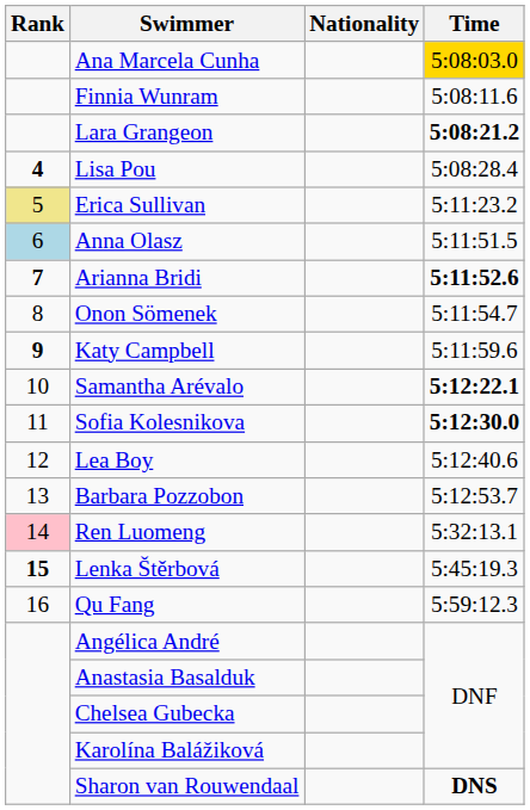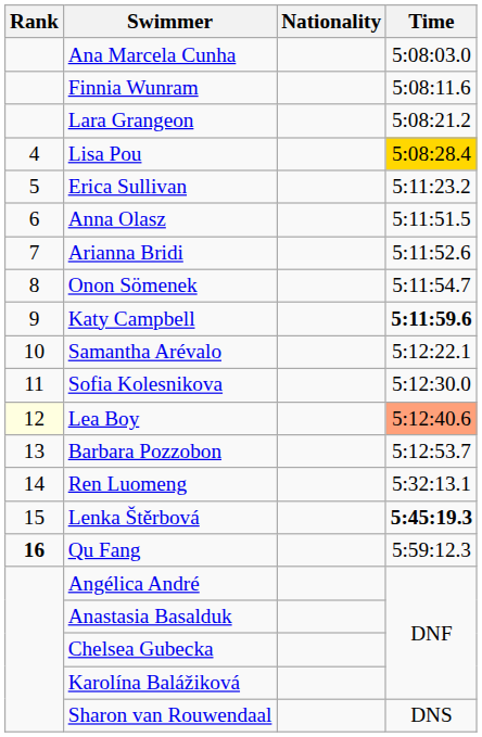 <table class="wikitable sortable" border="1" style="text-align:center">
 <tr>
 <th>Rank</th>
 <th>Swimmer</th>
 <th>Nationality</th>
 <th>Time</th>
 </tr>
 <tr>
 <td></td>
 <td align=left><a href='#'>Ana Marcela Cunha</a></td>
 <td align=left></td>
-<td style="background: gold;">5:08:03.0</td>
+<td>5:08:03.0</td>
 </tr>
 <tr>
 <td></td>
 <td align=left><a href='#'>Finnia Wunram</a></td>
 <td align=left></td>
 <td>5:08:11.6</td>
 </tr>
 <tr>
 <td></td>
 <td align=left><a href='#'>Lara Grangeon</a></td>
 <td align=left></td>
-<td><strong>5:08:21.2</strong></td>
+<td>5:08:21.2</td>
 </tr>
 <tr>
-<td><strong>4</strong></td>
+<td>4</td>
 <td align=left><a href='#'>Lisa Pou</a></td>
 <td align=left></td>
-<td>5:08:28.4</td>
+<td style="background: gold;">5:08:28.4</td>
 </tr>
 <tr>
-<td style="background: khaki;">5</td>
+<td>5</td>
 <td align=left><a href='#'>Erica Sullivan</a></td>
 <td align=left></td>
 <td>5:11:23.2</td>
 </tr>
 <tr>
-<td style="background: lightblue;">6</td>
+<td>6</td>
 <td align=left><a href='#'>Anna Olasz</a></td>
 <td align=left></td>
 <td>5:11:51.5</td>
 </tr>
 <tr>
-<td><strong>7</strong></td>
+<td>7</td>
 <td align=left><a href='#'>Arianna Bridi</a></td>
 <td align=left></td>
-<td><strong>5:11:52.6</strong></td>
+<td>5:11:52.6</td>
 </tr>
 <tr>
 <td>8</td>
 <td align=left><a href='#'>Onon Sömenek</a></td>
 <td align=left></td>
 <td>5:11:54.7</td>
 </tr>
 <tr>
-<td><strong>9</strong></td>
+<td>9</td>
 <td align=left><a href='#'>Katy Campbell</a></td>
 <td align=left></td>
-<td>5:11:59.6</td>
+<td><strong>5:11:59.6</strong></td>
 </tr>
 <tr>
 <td>10</td>
 <td align=left><a href='#'>Samantha Arévalo</a></td>
 <td align=left></td>
-<td><strong>5:12:22.1</strong></td>
+<td>5:12:22.1</td>
 </tr>
 <tr>
 <td>11</td>
 <td align=left><a href='#'>Sofia Kolesnikova</a></td>
 <td align=left></td>
-<td><strong>5:12:30.0</strong></td>
+<td>5:12:30.0</td>
 </tr>
 <tr>
-<td>12</td>
+<td style="background: lightyellow;">12</td>
 <td align=left><a href='#'>Lea Boy</a></td>
 <td align=left></td>
-<td>5:12:40.6</td>
+<td style="background: lightsalmon;">5:12:40.6</td>
 </tr>
 <tr>
 <td>13</td>
 <td align=left><a href='#'>Barbara Pozzobon</a></td>
 <td align=left></td>
 <td>5:12:53.7</td>
 </tr>
 <tr>
-<td style="background: pink;">14</td>
+<td>14</td>
 <td align=left><a href='#'>Ren Luomeng</a></td>
 <td align=left></td>
 <td>5:32:13.1</td>
 </tr>
 <tr>
-<td><strong>15</strong></td>
+<td>15</td>
 <td align=left><a href='#'>Lenka Štěrbová</a></td>
 <td align=left></td>
-<td>5:45:19.3</td>
+<td><strong>5:45:19.3</strong></td>
 </tr>
 <tr>
-<td>16</td>
+<td><strong>16</strong></td>
 <td align=left><a href='#'>Qu Fang</a></td>
 <td align=left></td>
 <td>5:59:12.3</td>
 </tr>
 <tr>
 <td rowspan=5></td>
 <td align=left><a href='#'>Angélica André</a></td>
 <td align=left></td>
 <td rowspan=4>DNF</td>
 </tr>
 <tr>
 <td align=left><a href='#'>Anastasia Basalduk</a></td>
 <td align=left></td>
 </tr>
 <tr>
 <td align=left><a href='#'>Chelsea Gubecka</a></td>
 <td align=left></td>
 </tr>
 <tr>
 <td align=left><a href='#'>Karolína Balážiková</a></td>
 <td align=left></td>
 </tr>
 <tr>
 <td align=left><a href='#'>Sharon van Rouwendaal</a></td>
 <td align=left></td>
-<td><strong>DNS</strong></td>
+<td>DNS</td>
 </tr>
 </table>
